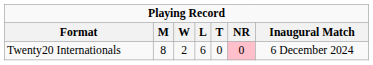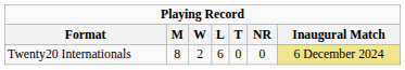 <table class="wikitable" style="text-align: center; width: 500px;">
 <tr>
 <td colspan=7 align="center"><strong>Playing Record</strong></td>
 </tr>
 <tr>
 <th>Format</th>
 <th>M</th>
 <th>W</th>
 <th>L</th>
 <th>T</th>
 <th>NR</th>
 <th>Inaugural Match</th>
 </tr>
 <tr>
 <td align="left">Twenty20 Internationals</td>
 <td>8</td>
 <td>2</td>
 <td>6</td>
 <td>0</td>
-<td style="background: pink;">0</td>
-<td>6 December 2024</td>
+<td>0</td>
+<td style="background: khaki;">6 December 2024</td>
 </tr>
 </table>
